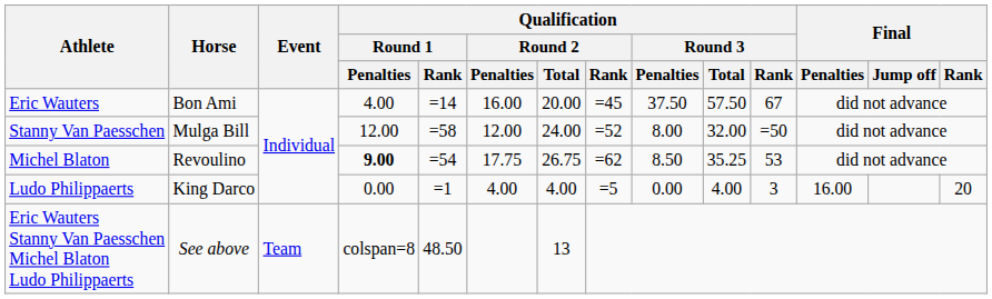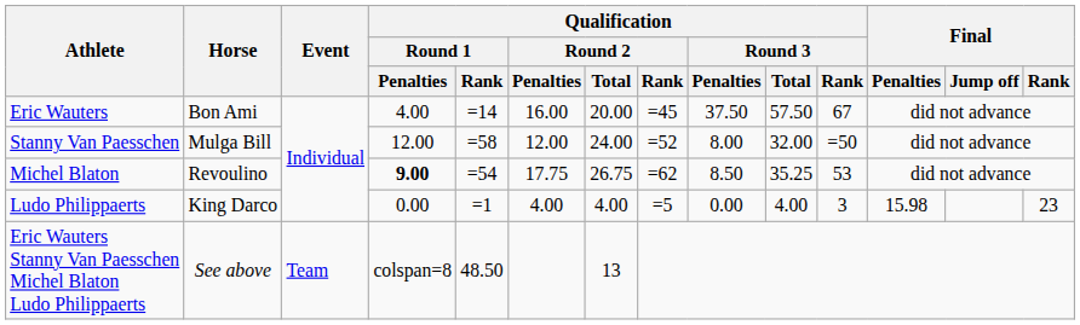 <table class="wikitable" style="font-size:90%">
 <tr>
 <th rowspan="3">Athlete</th>
 <th rowspan="3">Horse</th>
 <th rowspan="3">Event</th>
 <th colspan="8">Qualification</th>
 <th colspan="3" rowspan=2>Final</th>
 </tr>
 <tr style="font-size:95%">
 <th colspan="2">Round 1</th>
 <th colspan="3">Round 2</th>
 <th colspan="3">Round 3</th>
 </tr>
 <tr style="font-size:95%">
 <th>Penalties</th>
 <th>Rank</th>
 <th>Penalties</th>
 <th>Total</th>
 <th>Rank</th>
 <th>Penalties</th>
 <th>Total</th>
 <th>Rank</th>
 <th>Penalties</th>
 <th>Jump off</th>
 <th>Rank</th>
 </tr>
 <tr align=center>
 <td align=left><a href='#'>Eric Wauters</a></td>
 <td align=left>Bon Ami</td>
 <td align=left rowspan=4><a href='#'>Individual</a></td>
 <td>4.00</td>
 <td>=14</td>
 <td>16.00</td>
 <td>20.00</td>
 <td>=45</td>
 <td>37.50</td>
 <td>57.50</td>
 <td>67</td>
 <td colspan=3>did not advance</td>
 </tr>
 <tr align=center>
 <td align=left><a href='#'>Stanny Van Paesschen</a></td>
 <td align=left>Mulga Bill</td>
 <td>12.00</td>
 <td>=58</td>
 <td>12.00</td>
 <td>24.00</td>
 <td>=52</td>
 <td>8.00</td>
 <td>32.00</td>
 <td>=50</td>
 <td colspan=3>did not advance</td>
 </tr>
 <tr align=center>
 <td align=left><a href='#'>Michel Blaton</a></td>
 <td align=left>Revoulino</td>
 <td><strong>9.00</strong></td>
 <td>=54</td>
 <td>17.75</td>
 <td>26.75</td>
 <td>=62</td>
 <td>8.50</td>
 <td>35.25</td>
 <td>53</td>
 <td colspan=3>did not advance</td>
 </tr>
 <tr align=center>
 <td align=left><a href='#'>Ludo Philippaerts</a></td>
 <td align=left>King Darco</td>
 <td>0.00</td>
 <td>=1</td>
 <td>4.00</td>
 <td>4.00</td>
 <td>=5</td>
 <td>0.00</td>
 <td>4.00</td>
 <td>3</td>
-<td>16.00</td>
+<td>15.98</td>
 <td></td>
-<td>20</td>
+<td>23</td>
 </tr>
 <tr align=center>
 <td align=left><a href='#'>Eric Wauters</a><br><a href='#'>Stanny Van Paesschen</a><br><a href='#'>Michel Blaton</a><br><a href='#'>Ludo Philippaerts</a></td>
 <td><em>See above</em></td>
 <td align=left><a href='#'>Team</a></td>
 <td>colspan=8 </td>
 <td>48.50</td>
 <td></td>
 <td>13</td>
 </tr>
 </table>
